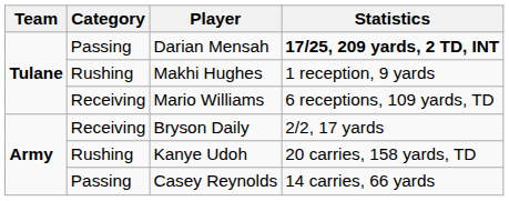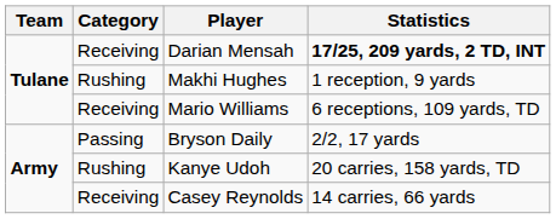 <table class="wikitable" style="float: right;">
 <tr>
 <th>Team</th>
 <th>Category</th>
 <th>Player</th>
 <th>Statistics</th>
 </tr>
 <tr>
 <td rowspan=3><strong>Tulane</strong></td>
-<td>Passing</td>
+<td>Receiving</td>
 <td>Darian Mensah</td>
 <td><strong>17/25, 209 yards, 2 TD, INT</strong></td>
 </tr>
 <tr>
 <td>Rushing</td>
 <td>Makhi Hughes</td>
 <td>1 reception, 9 yards</td>
 </tr>
 <tr>
 <td>Receiving</td>
 <td>Mario Williams</td>
 <td>6 receptions, 109 yards, TD</td>
 </tr>
 <tr>
 <td rowspan=3><strong>Army</strong></td>
-<td>Receiving</td>
+<td>Passing</td>
 <td>Bryson Daily</td>
 <td>2/2, 17 yards</td>
 </tr>
 <tr>
 <td>Rushing</td>
 <td>Kanye Udoh</td>
 <td>20 carries, 158 yards, TD</td>
 </tr>
 <tr>
-<td>Passing</td>
+<td>Receiving</td>
 <td>Casey Reynolds</td>
 <td>14 carries, 66 yards</td>
 </tr>
 </table>
